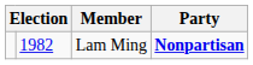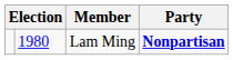 <table class="wikitable">
 <tr>
 <th colspan="2">Election</th>
 <th>Member</th>
 <th>Party</th>
 </tr>
 <tr>
 <td style="background-color: "></td>
-<td><a href='#'>1982</a></td>
+<td><a href='#'>1980</a></td>
 <td>Lam Ming</td>
 <td><strong><a href='#'>Nonpartisan</a></strong></td>
 </tr>
 </table>
